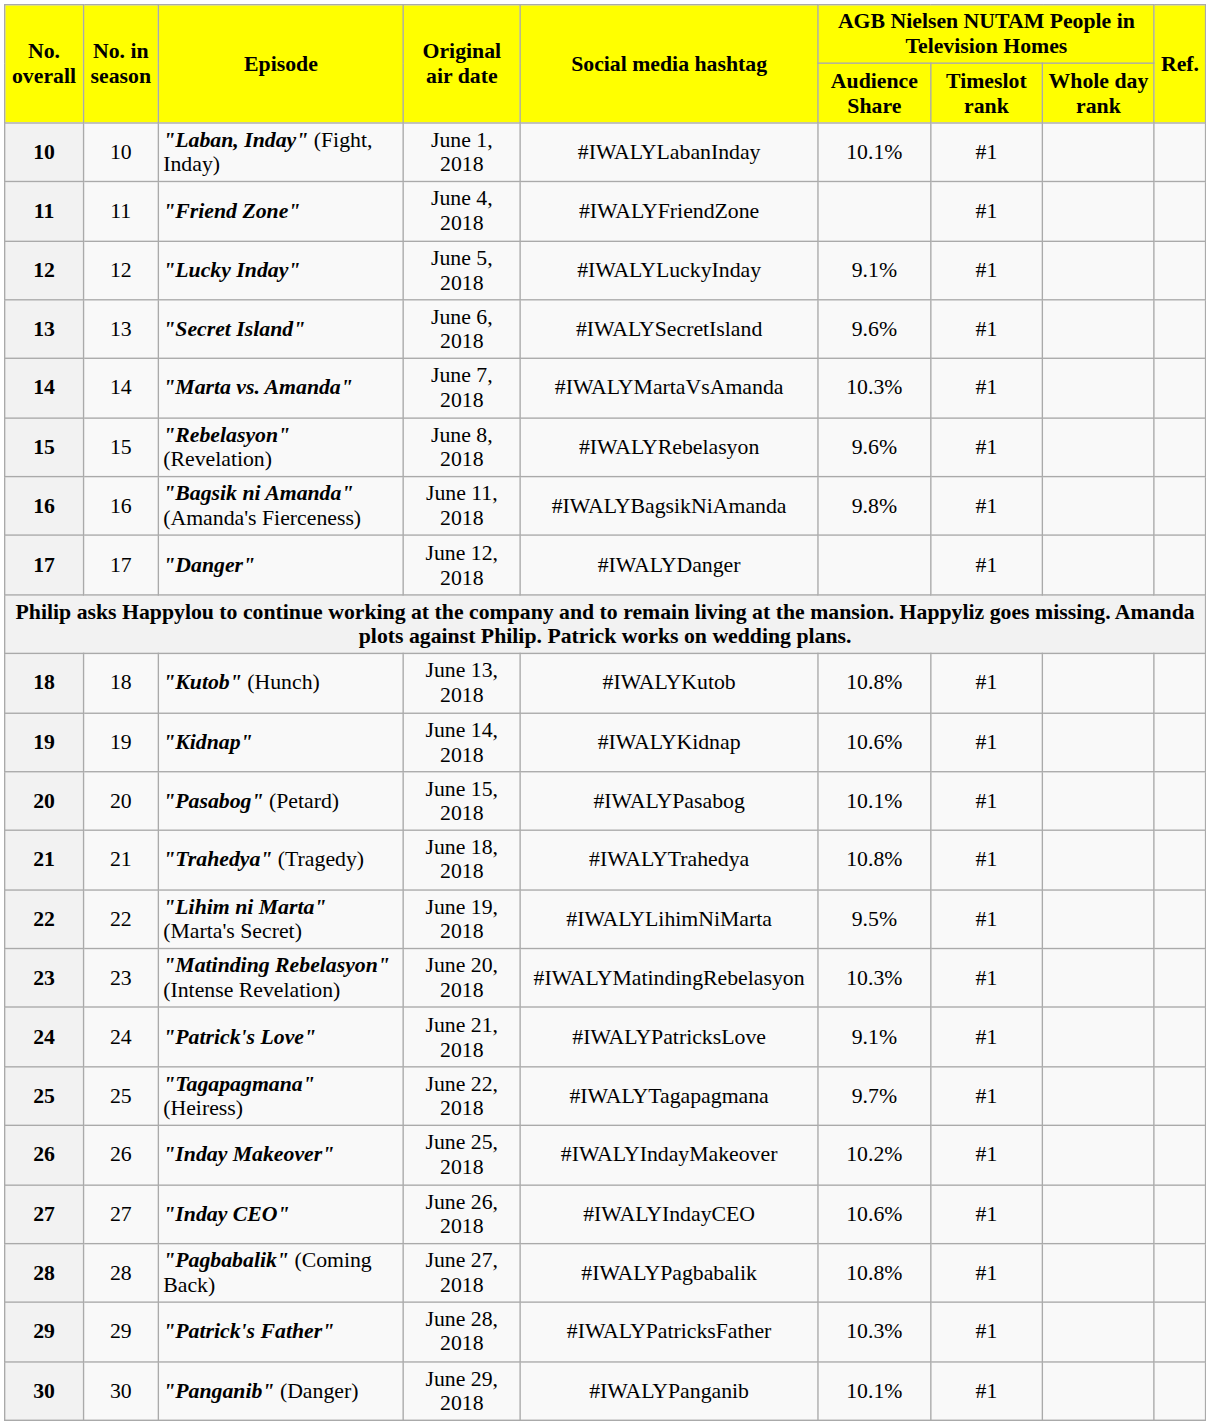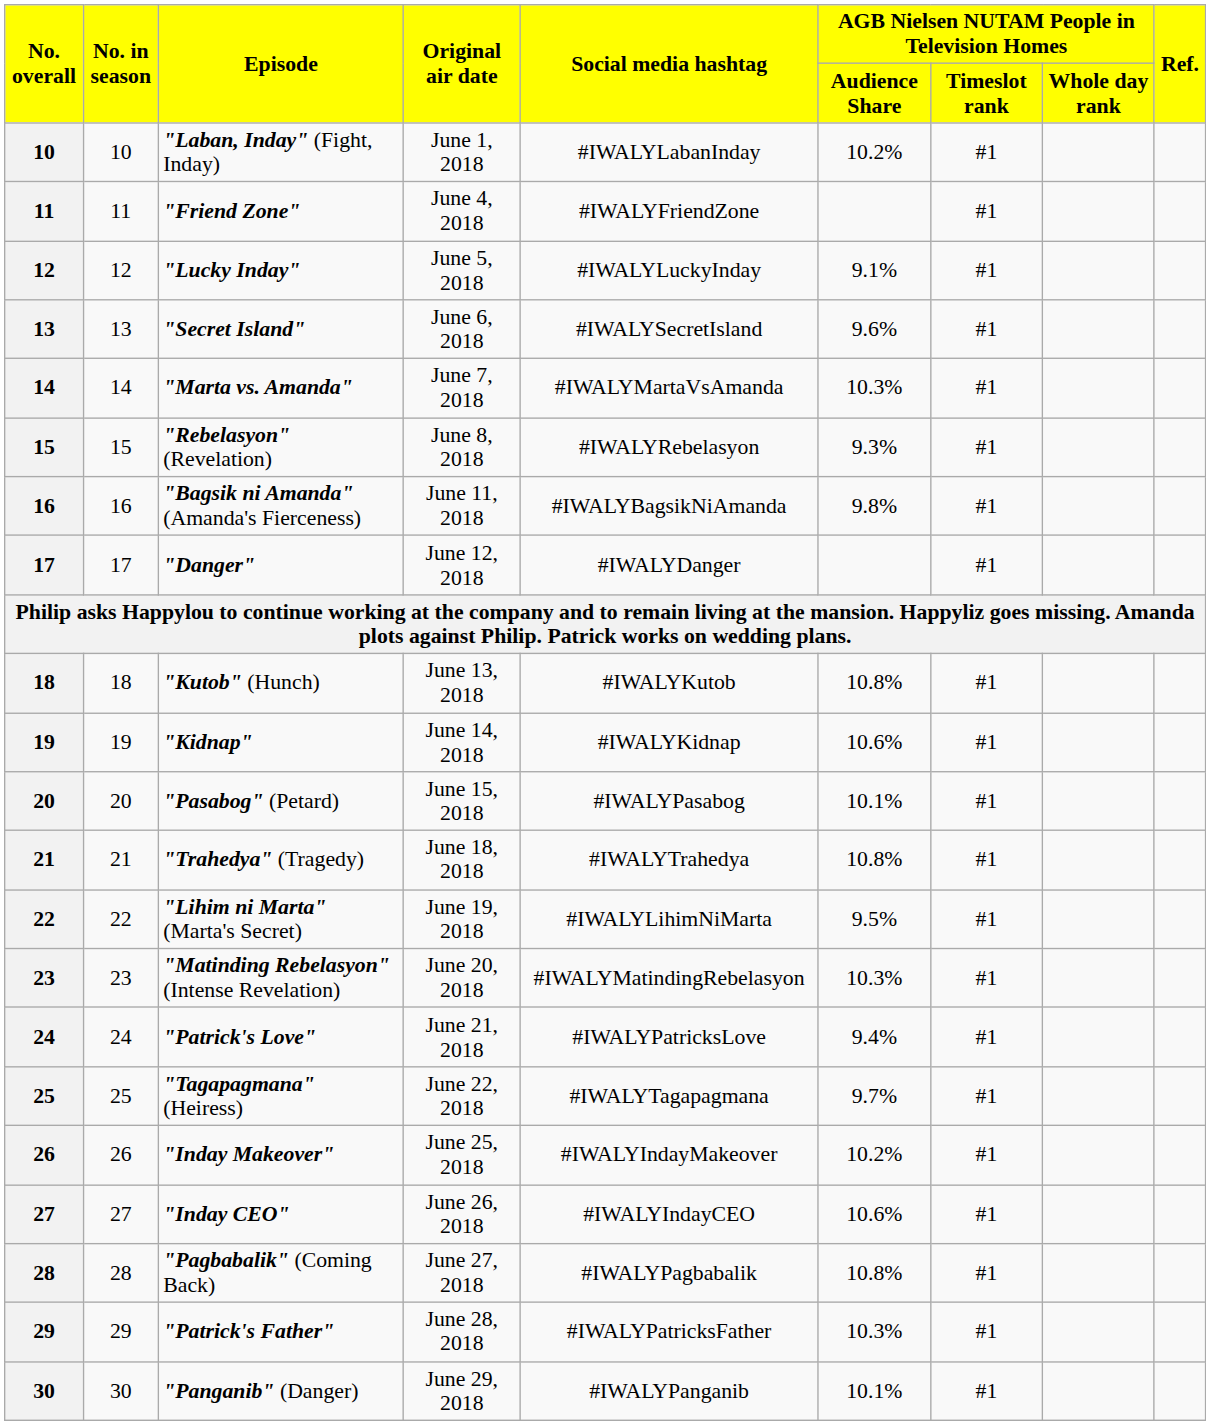 <table class="wikitable" style="text-align:center; font-size:100%; line-height:18px;" width="100%">
 <tr>
 <th style="background-color:#FFFF00; color:black;" rowspan="2">No.<br>overall</th>
 <th style="background-color:#FFFF00; color:black;" rowspan="2">No. in<br>season</th>
 <th style="background-color:#FFFF00; color:black;" rowspan="2">Episode</th>
 <th style="background-color:#FFFF00; color:black" rowspan="2">Original air date</th>
 <th style="background-color:#FFFF00; color:black" rowspan="2">Social media hashtag</th>
 <th style="background-color:#FFFF00; color:black;" colspan="3">AGB Nielsen NUTAM People in Television Homes</th>
 <th style="background-color:#FFFF00; color:black;" rowspan="2">Ref.</th>
 </tr>
 <tr>
 <th style="background-color:#FFFF00; width:75px; color:black;">Audience Share</th>
 <th style="background-color:#FFFF00; width:75px; color:black;">Timeslot<br>rank</th>
 <th style="background-color:#FFFF00; width:75px; color:black;">Whole day<br>rank</th>
 </tr>
 <tr>
 <th>10</th>
 <td>10</td>
 <td style="text-align: left;"><strong><em>"Laban, Inday"</em></strong> (Fight, Inday)</td>
 <td>June 1, 2018</td>
 <td>#IWALYLabanInday</td>
-<td>10.1%</td>
+<td>10.2%</td>
 <td>#1</td>
 <td></td>
 <td></td>
 </tr>
 <tr>
 <th>11</th>
 <td>11</td>
 <td style="text-align: left;"><strong><em>"Friend Zone"</em></strong></td>
 <td>June 4, 2018</td>
 <td>#IWALYFriendZone</td>
 <td></td>
 <td>#1</td>
 <td></td>
 <td></td>
 </tr>
 <tr>
 <th>12</th>
 <td>12</td>
 <td style="text-align: left;"><strong><em>"Lucky Inday"</em></strong></td>
 <td>June 5, 2018</td>
 <td>#IWALYLuckyInday</td>
 <td>9.1%</td>
 <td>#1</td>
 <td></td>
 <td></td>
 </tr>
 <tr>
 <th>13</th>
 <td>13</td>
 <td style="text-align: left;"><strong><em>"Secret Island"</em></strong></td>
 <td>June 6, 2018</td>
 <td>#IWALYSecretIsland</td>
 <td>9.6%</td>
 <td>#1</td>
 <td></td>
 <td></td>
 </tr>
 <tr>
 <th>14</th>
 <td>14</td>
 <td style="text-align: left;"><strong><em>"Marta vs. Amanda"</em></strong></td>
 <td>June 7, 2018</td>
 <td>#IWALYMartaVsAmanda</td>
 <td>10.3%</td>
 <td>#1</td>
 <td></td>
 <td></td>
 </tr>
 <tr>
 <th>15</th>
 <td>15</td>
 <td style="text-align: left;"><strong><em>"Rebelasyon"</em></strong> (Revelation)</td>
 <td>June 8, 2018</td>
 <td>#IWALYRebelasyon</td>
-<td>9.6%</td>
+<td>9.3%</td>
 <td>#1</td>
 <td></td>
 <td></td>
 </tr>
 <tr>
 <th>16</th>
 <td>16</td>
 <td style="text-align: left;"><strong><em>"Bagsik ni Amanda"</em></strong> (Amanda's Fierceness)</td>
 <td>June 11, 2018</td>
 <td>#IWALYBagsikNiAmanda</td>
 <td>9.8%</td>
 <td>#1</td>
 <td></td>
 <td></td>
 </tr>
 <tr>
 <th>17</th>
 <td>17</td>
 <td style="text-align: left;"><strong><em>"Danger"</em></strong></td>
 <td>June 12, 2018</td>
 <td>#IWALYDanger</td>
 <td></td>
 <td>#1</td>
 <td></td>
 <td></td>
 </tr>
 <tr>
 <th colspan="9">Philip asks Happylou to continue working at the company and to remain living at the mansion. Happyliz goes missing. Amanda plots against Philip. Patrick works on wedding plans.</th>
 </tr>
 <tr>
 <th>18</th>
 <td>18</td>
 <td style="text-align: left;"><strong><em>"Kutob"</em></strong> (Hunch)</td>
 <td>June 13, 2018</td>
 <td>#IWALYKutob</td>
 <td>10.8%</td>
 <td>#1</td>
 <td></td>
 <td></td>
 </tr>
 <tr>
 <th>19</th>
 <td>19</td>
 <td style="text-align: left;"><strong><em>"Kidnap"</em></strong></td>
 <td>June 14, 2018</td>
 <td>#IWALYKidnap</td>
 <td>10.6%</td>
 <td>#1</td>
 <td></td>
 <td></td>
 </tr>
 <tr>
 <th>20</th>
 <td>20</td>
 <td style="text-align: left;"><strong><em>"Pasabog"</em></strong> (Petard)</td>
 <td>June 15, 2018</td>
 <td>#IWALYPasabog</td>
 <td>10.1%</td>
 <td>#1</td>
 <td></td>
 <td></td>
 </tr>
 <tr>
 <th>21</th>
 <td>21</td>
 <td style="text-align: left;"><strong><em>"Trahedya"</em></strong> (Tragedy)</td>
 <td>June 18, 2018</td>
 <td>#IWALYTrahedya</td>
 <td>10.8%</td>
 <td>#1</td>
 <td></td>
 <td></td>
 </tr>
 <tr>
 <th>22</th>
 <td>22</td>
 <td style="text-align: left;"><strong><em>"Lihim ni Marta"</em></strong> (Marta's Secret)</td>
 <td>June 19, 2018</td>
 <td>#IWALYLihimNiMarta</td>
 <td>9.5%</td>
 <td>#1</td>
 <td></td>
 <td></td>
 </tr>
 <tr>
 <th>23</th>
 <td>23</td>
 <td style="text-align: left;"><strong><em>"Matinding Rebelasyon"</em></strong> (Intense Revelation)</td>
 <td>June 20, 2018</td>
 <td>#IWALYMatindingRebelasyon</td>
 <td>10.3%</td>
 <td>#1</td>
 <td></td>
 <td></td>
 </tr>
 <tr>
 <th>24</th>
 <td>24</td>
 <td style="text-align: left;"><strong><em>"Patrick's Love"</em></strong></td>
 <td>June 21, 2018</td>
 <td>#IWALYPatricksLove</td>
-<td>9.1%</td>
+<td>9.4%</td>
 <td>#1</td>
 <td></td>
 <td></td>
 </tr>
 <tr>
 <th>25</th>
 <td>25</td>
 <td style="text-align: left;"><strong><em>"Tagapagmana"</em></strong> (Heiress)</td>
 <td>June 22, 2018</td>
 <td>#IWALYTagapagmana</td>
 <td>9.7%</td>
 <td>#1</td>
 <td></td>
 <td></td>
 </tr>
 <tr>
 <th>26</th>
 <td>26</td>
 <td style="text-align: left;"><strong><em>"Inday Makeover"</em></strong></td>
 <td>June 25, 2018</td>
 <td>#IWALYIndayMakeover</td>
 <td>10.2%</td>
 <td>#1</td>
 <td></td>
 <td></td>
 </tr>
 <tr>
 <th>27</th>
 <td>27</td>
 <td style="text-align: left;"><strong><em>"Inday CEO"</em></strong></td>
 <td>June 26, 2018</td>
 <td>#IWALYIndayCEO</td>
 <td>10.6%</td>
 <td>#1</td>
 <td></td>
 <td></td>
 </tr>
 <tr>
 <th>28</th>
 <td>28</td>
 <td style="text-align: left;"><strong><em>"Pagbabalik"</em></strong> (Coming Back)</td>
 <td>June 27, 2018</td>
 <td>#IWALYPagbabalik</td>
 <td>10.8%</td>
 <td>#1</td>
 <td></td>
 <td></td>
 </tr>
 <tr>
 <th>29</th>
 <td>29</td>
 <td style="text-align: left;"><strong><em>"Patrick's Father"</em></strong></td>
 <td>June 28, 2018</td>
 <td>#IWALYPatricksFather</td>
 <td>10.3%</td>
 <td>#1</td>
 <td></td>
 <td></td>
 </tr>
 <tr>
 <th>30</th>
 <td>30</td>
 <td style="text-align: left;"><strong><em>"Panganib"</em></strong> (Danger)</td>
 <td>June 29, 2018</td>
 <td>#IWALYPanganib</td>
 <td>10.1%</td>
 <td>#1</td>
 <td></td>
 <td></td>
 </tr>
 <tr>
 </tr>
 </table>
